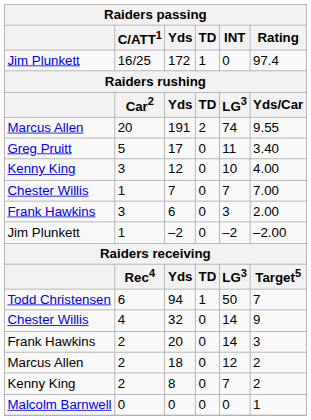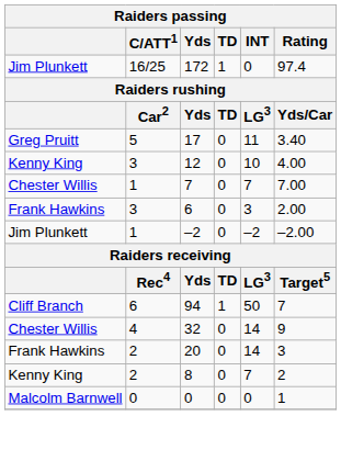 <table class="wikitable">
 <tr>
 <th colspan="6">Raiders passing</th>
 </tr>
 <tr>
 <th></th>
 <th>C/ATT<sup>1</sup></th>
 <th>Yds</th>
 <th>TD</th>
 <th>INT</th>
 <th>Rating</th>
 </tr>
 <tr>
 <td><a href='#'>Jim Plunkett</a></td>
 <td>16/25</td>
 <td>172</td>
 <td>1</td>
 <td>0</td>
 <td>97.4</td>
 </tr>
 <tr>
 <th colspan="6">Raiders rushing</th>
 </tr>
 <tr>
 <th></th>
 <th>Car<sup>2</sup></th>
 <th>Yds</th>
 <th>TD</th>
 <th>LG<sup>3</sup></th>
 <th>Yds/Car</th>
-</tr>
-<tr>
-<td><a href='#'>Marcus Allen</a></td>
-<td>20</td>
-<td>191</td>
-<td>2</td>
-<td>74</td>
-<td>9.55</td>
 </tr>
 <tr>
 <td><a href='#'>Greg Pruitt</a></td>
 <td>5</td>
 <td>17</td>
 <td>0</td>
 <td>11</td>
 <td>3.40</td>
 </tr>
 <tr>
 <td><a href='#'>Kenny King</a></td>
 <td>3</td>
 <td>12</td>
 <td>0</td>
 <td>10</td>
 <td>4.00</td>
 </tr>
 <tr>
 <td><a href='#'>Chester Willis</a></td>
 <td>1</td>
 <td>7</td>
 <td>0</td>
 <td>7</td>
 <td>7.00</td>
 </tr>
 <tr>
 <td><a href='#'>Frank Hawkins</a></td>
 <td>3</td>
 <td>6</td>
 <td>0</td>
 <td>3</td>
 <td>2.00</td>
 </tr>
 <tr>
 <td>Jim Plunkett</td>
 <td>1</td>
 <td>–2</td>
 <td>0</td>
 <td>–2</td>
 <td>–2.00</td>
 </tr>
 <tr>
 <th colspan="6">Raiders receiving</th>
 </tr>
 <tr>
 <th></th>
 <th>Rec<sup>4</sup></th>
 <th>Yds</th>
 <th>TD</th>
 <th>LG<sup>3</sup></th>
 <th>Target<sup>5</sup></th>
 </tr>
 <tr>
-<td><a href='#'>Todd Christensen</a></td>
+<td><a href='#'>Cliff Branch</a></td>
 <td>6</td>
 <td>94</td>
 <td>1</td>
 <td>50</td>
 <td>7</td>
 </tr>
 <tr>
 <td><a href='#'>Chester Willis</a></td>
 <td>4</td>
 <td>32</td>
 <td>0</td>
 <td>14</td>
 <td>9</td>
 </tr>
 <tr>
 <td>Frank Hawkins</td>
 <td>2</td>
 <td>20</td>
 <td>0</td>
 <td>14</td>
 <td>3</td>
 </tr>
 <tr>
-<td>Marcus Allen</td>
-<td>2</td>
-<td>18</td>
-<td>0</td>
-<td>12</td>
-<td>2</td>
-</tr>
-<tr>
 <td>Kenny King</td>
 <td>2</td>
 <td>8</td>
 <td>0</td>
 <td>7</td>
 <td>2</td>
 </tr>
 <tr>
 <td><a href='#'>Malcolm Barnwell</a></td>
 <td>0</td>
 <td>0</td>
 <td>0</td>
 <td>0</td>
 <td>1</td>
 </tr>
 <tr>
 </tr>
 </table>
